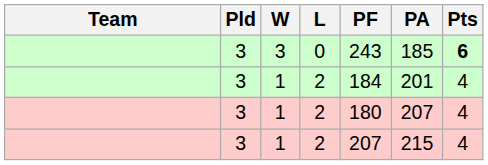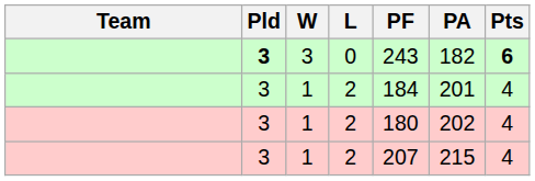 <table class="wikitable" style="text-align:center;">
 <tr>
 <th width=170>Team</th>
 <th width=25>Pld</th>
 <th width=25>W</th>
 <th width=25>L</th>
 <th width=35>PF</th>
 <th width=35>PA</th>
 <th width=25>Pts</th>
 </tr>
 <tr bgcolor=#ccffcc>
 <td align="left"></td>
-<td>3</td>
+<td><strong>3</strong></td>
 <td>3</td>
 <td>0</td>
 <td>243</td>
-<td>185</td>
+<td>182</td>
 <td><strong>6</strong></td>
 </tr>
 <tr bgcolor=#ccffcc>
 <td align="left"></td>
 <td>3</td>
 <td>1</td>
 <td>2</td>
 <td>184</td>
 <td>201</td>
 <td>4</td>
 </tr>
 <tr bgcolor=#ffcccc>
 <td align="left"></td>
 <td>3</td>
 <td>1</td>
 <td>2</td>
 <td>180</td>
-<td>207</td>
+<td>202</td>
 <td>4</td>
 </tr>
 <tr bgcolor=#ffcccc>
 <td align="left"></td>
 <td>3</td>
 <td>1</td>
 <td>2</td>
 <td>207</td>
 <td>215</td>
 <td>4</td>
 </tr>
 </table>
